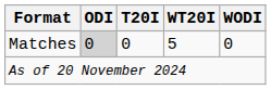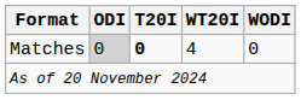 <table class="wikitable">
 <tr>
 <th>Format</th>
 <th>ODI</th>
 <th>T20I</th>
 <th>WT20I</th>
 <th>WODI</th>
 </tr>
 <tr>
 <td>Matches</td>
 <td style="background: lightgrey;">0</td>
-<td>0</td>
-<td>5</td>
+<td><strong>0</strong></td>
+<td>4</td>
 <td>0</td>
 </tr>
 <tr>
 <td colspan="5"><em><small>As of 20 November 2024 </small></em></td>
 </tr>
 </table>
